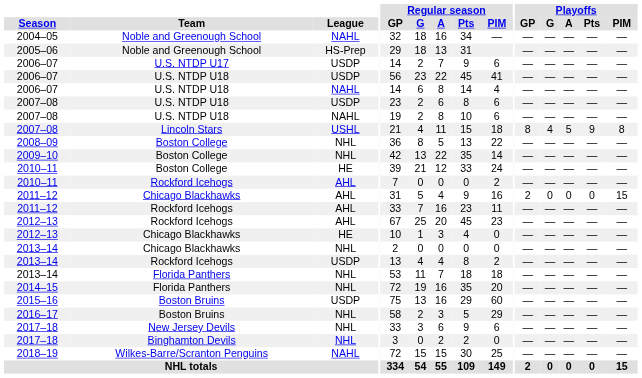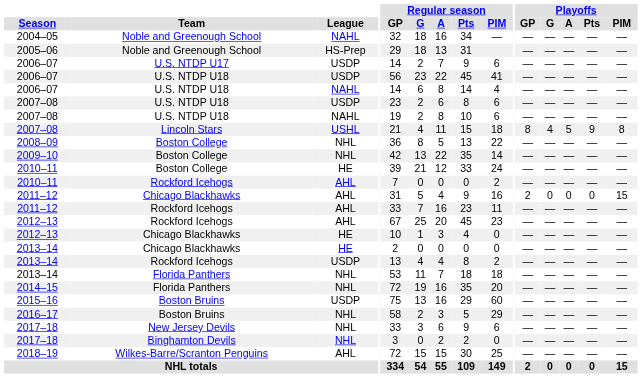 <table border="0" cellpadding="1" cellspacing="0" style="text-align:center; width:60em;">
 <tr style="background:#e0e0e0;">
 <th colspan="3" style="background:#fff;"></th>
 <th rowspan="99" style="background:#fff;"></th>
 <th colspan="5"><a href='#'>Regular season</a></th>
 <th rowspan="99" style="background:#fff;"></th>
 <th colspan="5"><a href='#'>Playoffs</a></th>
 </tr>
 <tr style="background:#e0e0e0;">
 <th><a href='#'>Season</a></th>
 <th>Team</th>
 <th>League</th>
 <th>GP</th>
 <th><a href='#'>G</a></th>
 <th><a href='#'>A</a></th>
 <th><a href='#'>Pts</a></th>
 <th><a href='#'>PIM</a></th>
 <th>GP</th>
 <th>G</th>
 <th>A</th>
 <th>Pts</th>
 <th>PIM</th>
 </tr>
 <tr>
 <td>2004–05</td>
 <td><a href='#'>Noble and Greenough School</a></td>
 <td><a href='#'>NAHL</a></td>
 <td>32</td>
 <td>18</td>
 <td>16</td>
 <td>34</td>
 <td>—</td>
 <td>—</td>
 <td>—</td>
 <td>—</td>
 <td>—</td>
 <td>—</td>
 </tr>
 <tr style="background:#f0f0f0;">
 <td>2005–06</td>
 <td>Noble and Greenough School</td>
 <td>HS-Prep</td>
 <td>29</td>
 <td>18</td>
 <td>13</td>
 <td>31</td>
 <td></td>
 <td>—</td>
 <td>—</td>
 <td>—</td>
 <td>—</td>
 <td>—</td>
 </tr>
 <tr>
 <td>2006–07</td>
 <td><a href='#'>U.S. NTDP U17</a></td>
 <td>USDP</td>
 <td>14</td>
 <td>2</td>
 <td>7</td>
 <td>9</td>
 <td>6</td>
 <td>—</td>
 <td>—</td>
 <td>—</td>
 <td>—</td>
 <td>—</td>
 </tr>
 <tr style="background:#f0f0f0;">
 <td>2006–07</td>
 <td>U.S. NTDP U18</td>
 <td>USDP</td>
 <td>56</td>
 <td>23</td>
 <td>22</td>
 <td>45</td>
 <td>41</td>
 <td>—</td>
 <td>—</td>
 <td>—</td>
 <td>—</td>
 <td>—</td>
 </tr>
 <tr>
 <td>2006–07</td>
 <td>U.S. NTDP U18</td>
 <td><a href='#'>NAHL</a></td>
 <td>14</td>
 <td>6</td>
 <td>8</td>
 <td>14</td>
 <td>4</td>
 <td>—</td>
 <td>—</td>
 <td>—</td>
 <td>—</td>
 <td>—</td>
 </tr>
 <tr style="background:#f0f0f0;">
 <td>2007–08</td>
 <td>U.S. NTDP U18</td>
 <td>USDP</td>
 <td>23</td>
 <td>2</td>
 <td>6</td>
 <td>8</td>
 <td>6</td>
 <td>—</td>
 <td>—</td>
 <td>—</td>
 <td>—</td>
 <td>—</td>
 </tr>
 <tr>
 <td>2007–08</td>
 <td>U.S. NTDP U18</td>
 <td>NAHL</td>
 <td>19</td>
 <td>2</td>
 <td>8</td>
 <td>10</td>
 <td>6</td>
 <td>—</td>
 <td>—</td>
 <td>—</td>
 <td>—</td>
 <td>—</td>
 </tr>
 <tr style="background:#f0f0f0;">
 <td><a href='#'>2007–08</a></td>
 <td><a href='#'>Lincoln Stars</a></td>
 <td><a href='#'>USHL</a></td>
 <td>21</td>
 <td>4</td>
 <td>11</td>
 <td>15</td>
 <td>18</td>
 <td>8</td>
 <td>4</td>
 <td>5</td>
 <td>9</td>
 <td>8</td>
 </tr>
 <tr>
 <td><a href='#'>2008–09</a></td>
 <td><a href='#'>Boston College</a></td>
 <td>NHL</td>
 <td>36</td>
 <td>8</td>
 <td>5</td>
 <td>13</td>
 <td>22</td>
 <td>—</td>
 <td>—</td>
 <td>—</td>
 <td>—</td>
 <td>—</td>
 </tr>
 <tr style="background:#f0f0f0;">
 <td><a href='#'>2009–10</a></td>
 <td>Boston College</td>
 <td>NHL</td>
 <td>42</td>
 <td>13</td>
 <td>22</td>
 <td>35</td>
 <td>14</td>
 <td>—</td>
 <td>—</td>
 <td>—</td>
 <td>—</td>
 <td>—</td>
 </tr>
 <tr>
 <td><a href='#'>2010–11</a></td>
 <td>Boston College</td>
 <td>HE</td>
 <td>39</td>
 <td>21</td>
 <td>12</td>
 <td>33</td>
 <td>24</td>
 <td>—</td>
 <td>—</td>
 <td>—</td>
 <td>—</td>
 <td>—</td>
 </tr>
 <tr style="background:#f0f0f0;">
 <td><a href='#'>2010–11</a></td>
 <td><a href='#'>Rockford Icehogs</a></td>
 <td><a href='#'>AHL</a></td>
 <td>7</td>
 <td>0</td>
 <td>0</td>
 <td>0</td>
 <td>2</td>
 <td>—</td>
 <td>—</td>
 <td>—</td>
 <td>—</td>
 <td>—</td>
 </tr>
 <tr>
 <td><a href='#'>2011–12</a></td>
 <td><a href='#'>Chicago Blackhawks</a></td>
 <td>AHL</td>
 <td>31</td>
 <td>5</td>
 <td>4</td>
 <td>9</td>
 <td>16</td>
 <td>2</td>
 <td>0</td>
 <td>0</td>
 <td>0</td>
 <td>15</td>
 </tr>
 <tr style="background:#f0f0f0;">
 <td><a href='#'>2011–12</a></td>
 <td>Rockford Icehogs</td>
 <td>AHL</td>
 <td>33</td>
 <td>7</td>
 <td>16</td>
 <td>23</td>
 <td>11</td>
 <td>—</td>
 <td>—</td>
 <td>—</td>
 <td>—</td>
 <td>—</td>
 </tr>
 <tr>
 <td><a href='#'>2012–13</a></td>
 <td>Rockford Icehogs</td>
 <td>AHL</td>
 <td>67</td>
 <td>25</td>
 <td>20</td>
 <td>45</td>
 <td>23</td>
 <td>—</td>
 <td>—</td>
 <td>—</td>
 <td>—</td>
 <td>—</td>
 </tr>
 <tr style="background:#f0f0f0;">
 <td><a href='#'>2012–13</a></td>
 <td>Chicago Blackhawks</td>
 <td>HE</td>
 <td>10</td>
 <td>1</td>
 <td>3</td>
 <td>4</td>
 <td>0</td>
 <td>—</td>
 <td>—</td>
 <td>—</td>
 <td>—</td>
 <td>—</td>
 </tr>
 <tr>
 <td><a href='#'>2013–14</a></td>
 <td>Chicago Blackhawks</td>
-<td>NHL</td>
+<td><a href='#'>HE</a></td>
 <td>2</td>
 <td>0</td>
 <td>0</td>
 <td>0</td>
 <td>0</td>
 <td>—</td>
 <td>—</td>
 <td>—</td>
 <td>—</td>
 <td>—</td>
 </tr>
 <tr style="background:#f0f0f0;">
 <td><a href='#'>2013–14</a></td>
 <td>Rockford Icehogs</td>
 <td>USDP</td>
 <td>13</td>
 <td>4</td>
 <td>4</td>
 <td>8</td>
 <td>2</td>
 <td>—</td>
 <td>—</td>
 <td>—</td>
 <td>—</td>
 <td>—</td>
 </tr>
 <tr>
 <td>2013–14</td>
 <td><a href='#'>Florida Panthers</a></td>
 <td>NHL</td>
 <td>53</td>
 <td>11</td>
 <td>7</td>
 <td>18</td>
 <td>18</td>
 <td>—</td>
 <td>—</td>
 <td>—</td>
 <td>—</td>
 <td>—</td>
 </tr>
 <tr style="background:#f0f0f0;">
 <td><a href='#'>2014–15</a></td>
 <td>Florida Panthers</td>
 <td>NHL</td>
 <td>72</td>
 <td>19</td>
 <td>16</td>
 <td>35</td>
 <td>20</td>
 <td>—</td>
 <td>—</td>
 <td>—</td>
 <td>—</td>
 <td>—</td>
 </tr>
 <tr>
 <td><a href='#'>2015–16</a></td>
 <td><a href='#'>Boston Bruins</a></td>
 <td>USDP</td>
 <td>75</td>
 <td>13</td>
 <td>16</td>
 <td>29</td>
 <td>60</td>
 <td>—</td>
 <td>—</td>
 <td>—</td>
 <td>—</td>
 <td>—</td>
 </tr>
 <tr style="background:#f0f0f0;">
 <td><a href='#'>2016–17</a></td>
 <td>Boston Bruins</td>
 <td>NHL</td>
 <td>58</td>
 <td>2</td>
 <td>3</td>
 <td>5</td>
 <td>29</td>
 <td>—</td>
 <td>—</td>
 <td>—</td>
 <td>—</td>
 <td>—</td>
 </tr>
 <tr>
 <td><a href='#'>2017–18</a></td>
 <td><a href='#'>New Jersey Devils</a></td>
 <td>NHL</td>
 <td>33</td>
 <td>3</td>
 <td>6</td>
 <td>9</td>
 <td>6</td>
 <td>—</td>
 <td>—</td>
 <td>—</td>
 <td>—</td>
 <td>—</td>
 </tr>
 <tr style="background:#f0f0f0;">
 <td><a href='#'>2017–18</a></td>
 <td><a href='#'>Binghamton Devils</a></td>
 <td><a href='#'>NHL</a></td>
 <td>3</td>
 <td>0</td>
 <td>2</td>
 <td>2</td>
 <td>0</td>
 <td>—</td>
 <td>—</td>
 <td>—</td>
 <td>—</td>
 <td>—</td>
 </tr>
 <tr>
 <td><a href='#'>2018–19</a></td>
 <td><a href='#'>Wilkes-Barre/Scranton Penguins</a></td>
-<td><a href='#'>NAHL</a></td>
+<td>AHL</td>
 <td>72</td>
 <td>15</td>
 <td>15</td>
 <td>30</td>
 <td>25</td>
 <td>—</td>
 <td>—</td>
 <td>—</td>
 <td>—</td>
 <td>—</td>
 </tr>
 <tr style="background:#e0e0e0;">
 <th colspan="3">NHL totals</th>
 <th>334</th>
 <th>54</th>
 <th>55</th>
 <th>109</th>
 <th>149</th>
 <th>2</th>
 <th>0</th>
 <th>0</th>
 <th>0</th>
 <th>15</th>
 </tr>
 </table>
